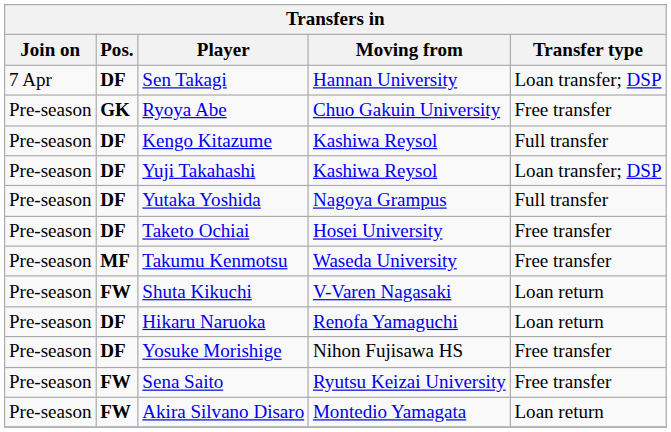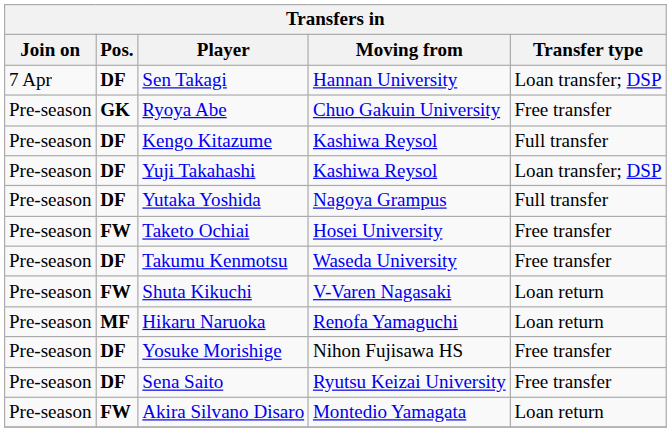 <table class="wikitable sortable" style=“text-align:left;>
 <tr>
 <th colspan="5">Transfers in</th>
 </tr>
 <tr>
 <th>Join on</th>
 <th>Pos.</th>
 <th>Player</th>
 <th>Moving from</th>
 <th>Transfer type</th>
 </tr>
 <tr>
 <td>7 Apr</td>
 <td><strong>DF</strong></td>
 <td> <a href='#'>Sen Takagi</a></td>
 <td> <a href='#'>Hannan University</a></td>
 <td>Loan transfer; <a href='#'>DSP</a></td>
 </tr>
 <tr>
 <td>Pre-season</td>
 <td><strong>GK</strong></td>
 <td> <a href='#'>Ryoya Abe</a></td>
 <td> <a href='#'>Chuo Gakuin University</a></td>
 <td>Free transfer</td>
 </tr>
 <tr>
 <td>Pre-season</td>
 <td><strong>DF</strong></td>
 <td> <a href='#'>Kengo Kitazume</a></td>
 <td> <a href='#'>Kashiwa Reysol</a></td>
 <td>Full transfer</td>
 </tr>
 <tr>
 <td>Pre-season</td>
 <td><strong>DF</strong></td>
 <td> <a href='#'>Yuji Takahashi</a></td>
 <td> <a href='#'>Kashiwa Reysol</a></td>
 <td>Loan transfer; <a href='#'>DSP</a></td>
 </tr>
 <tr>
 <td>Pre-season</td>
 <td><strong>DF</strong></td>
 <td> <a href='#'>Yutaka Yoshida</a></td>
 <td> <a href='#'>Nagoya Grampus</a></td>
 <td>Full transfer</td>
 </tr>
 <tr>
 <td>Pre-season</td>
-<td><strong>DF</strong></td>
+<td><strong>FW</strong></td>
 <td> <a href='#'>Taketo Ochiai</a></td>
 <td> <a href='#'>Hosei University</a></td>
 <td>Free transfer</td>
 </tr>
 <tr>
 <td>Pre-season</td>
-<td><strong>MF</strong></td>
+<td><strong>DF</strong></td>
 <td> <a href='#'>Takumu Kenmotsu</a></td>
 <td> <a href='#'>Waseda University</a></td>
 <td>Free transfer</td>
 </tr>
 <tr>
 <td>Pre-season</td>
 <td><strong>FW</strong></td>
 <td> <a href='#'>Shuta Kikuchi</a></td>
 <td> <a href='#'>V-Varen Nagasaki</a></td>
 <td>Loan return</td>
 </tr>
 <tr>
 <td>Pre-season</td>
-<td><strong>DF</strong></td>
+<td><strong>MF</strong></td>
 <td> <a href='#'>Hikaru Naruoka</a></td>
 <td> <a href='#'>Renofa Yamaguchi</a></td>
 <td>Loan return</td>
 </tr>
 <tr>
 <td>Pre-season</td>
 <td><strong>DF</strong></td>
 <td> <a href='#'>Yosuke Morishige</a></td>
 <td> Nihon Fujisawa HS</td>
 <td>Free transfer</td>
 </tr>
 <tr>
 <td>Pre-season</td>
-<td><strong>FW</strong></td>
+<td><strong>DF</strong></td>
 <td> <a href='#'>Sena Saito</a></td>
 <td> <a href='#'>Ryutsu Keizai University</a></td>
 <td>Free transfer</td>
 </tr>
 <tr>
 <td>Pre-season</td>
 <td><strong>FW</strong></td>
 <td> <a href='#'>Akira Silvano Disaro</a></td>
 <td> <a href='#'>Montedio Yamagata</a></td>
 <td>Loan return</td>
 </tr>
 <tr>
 </tr>
 </table>
